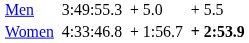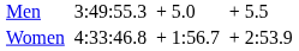 <table>
 <tr>
 <td><a href='#'>Men</a><br></td>
 <td></td>
 <td>3:49:55.3</td>
 <td></td>
 <td>+ 5.0</td>
 <td></td>
 <td>+ 5.5</td>
 </tr>
 <tr>
 <td><a href='#'>Women</a><br></td>
 <td></td>
 <td>4:33:46.8</td>
 <td></td>
 <td>+ 1:56.7</td>
 <td></td>
-<td><strong>+ 2:53.9</strong></td>
+<td>+ 2:53.9</td>
 </tr>
 <tr>
 </tr>
 </table>
